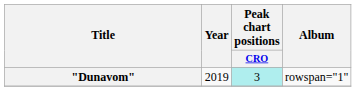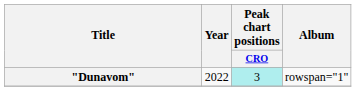 <table class="wikitable plainrowheaders" style="text-align:center;">
 <tr>
 <th scope="col" rowspan="2" style="width:16em;">Title</th>
 <th scope="col" rowspan="2" style="width:1em;">Year</th>
 <th scope="col" colspan="1">Peak chart positions</th>
 <th scope="col" rowspan="2">Album</th>
 </tr>
 <tr>
 <th scope="col" style="width:3em;font-size:85%;"><a href='#'>CRO</a><br></th>
 </tr>
 <tr>
 <th scope="row">"Dunavom"</th>
-<td>2019</td>
+<td>2022</td>
 <td style="background: paleturquoise;">3</td>
 <td>rowspan="1" </td>
 </tr>
 <tr>
 </tr>
 </table>
